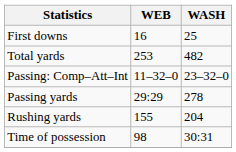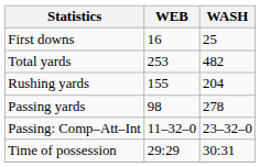 <table class="wikitable" style="float: left;">
 <tr>
 <th>Statistics</th>
 <th>WEB</th>
 <th>WASH</th>
 </tr>
 <tr>
 <td>First downs</td>
 <td>16</td>
 <td>25</td>
 </tr>
 <tr>
 <td>Total yards</td>
 <td>253</td>
 <td>482</td>
 </tr>
 <tr>
+<td>Rushing yards</td>
+<td>155</td>
+<td>204</td>
+</tr>
+<tr>
+<td>Passing yards</td>
+<td>98</td>
+<td>278</td>
+</tr>
+<tr>
 <td>Passing: Comp–Att–Int</td>
 <td>11–32–0</td>
 <td>23–32–0</td>
 </tr>
 <tr>
-<td>Passing yards</td>
+<td>Time of possession</td>
 <td>29:29</td>
-<td>278</td>
-</tr>
-<tr>
-<td>Rushing yards</td>
-<td>155</td>
-<td>204</td>
-</tr>
-<tr>
-<td>Time of possession</td>
-<td>98</td>
 <td>30:31</td>
 </tr>
 <tr>
 </tr>
 </table>
